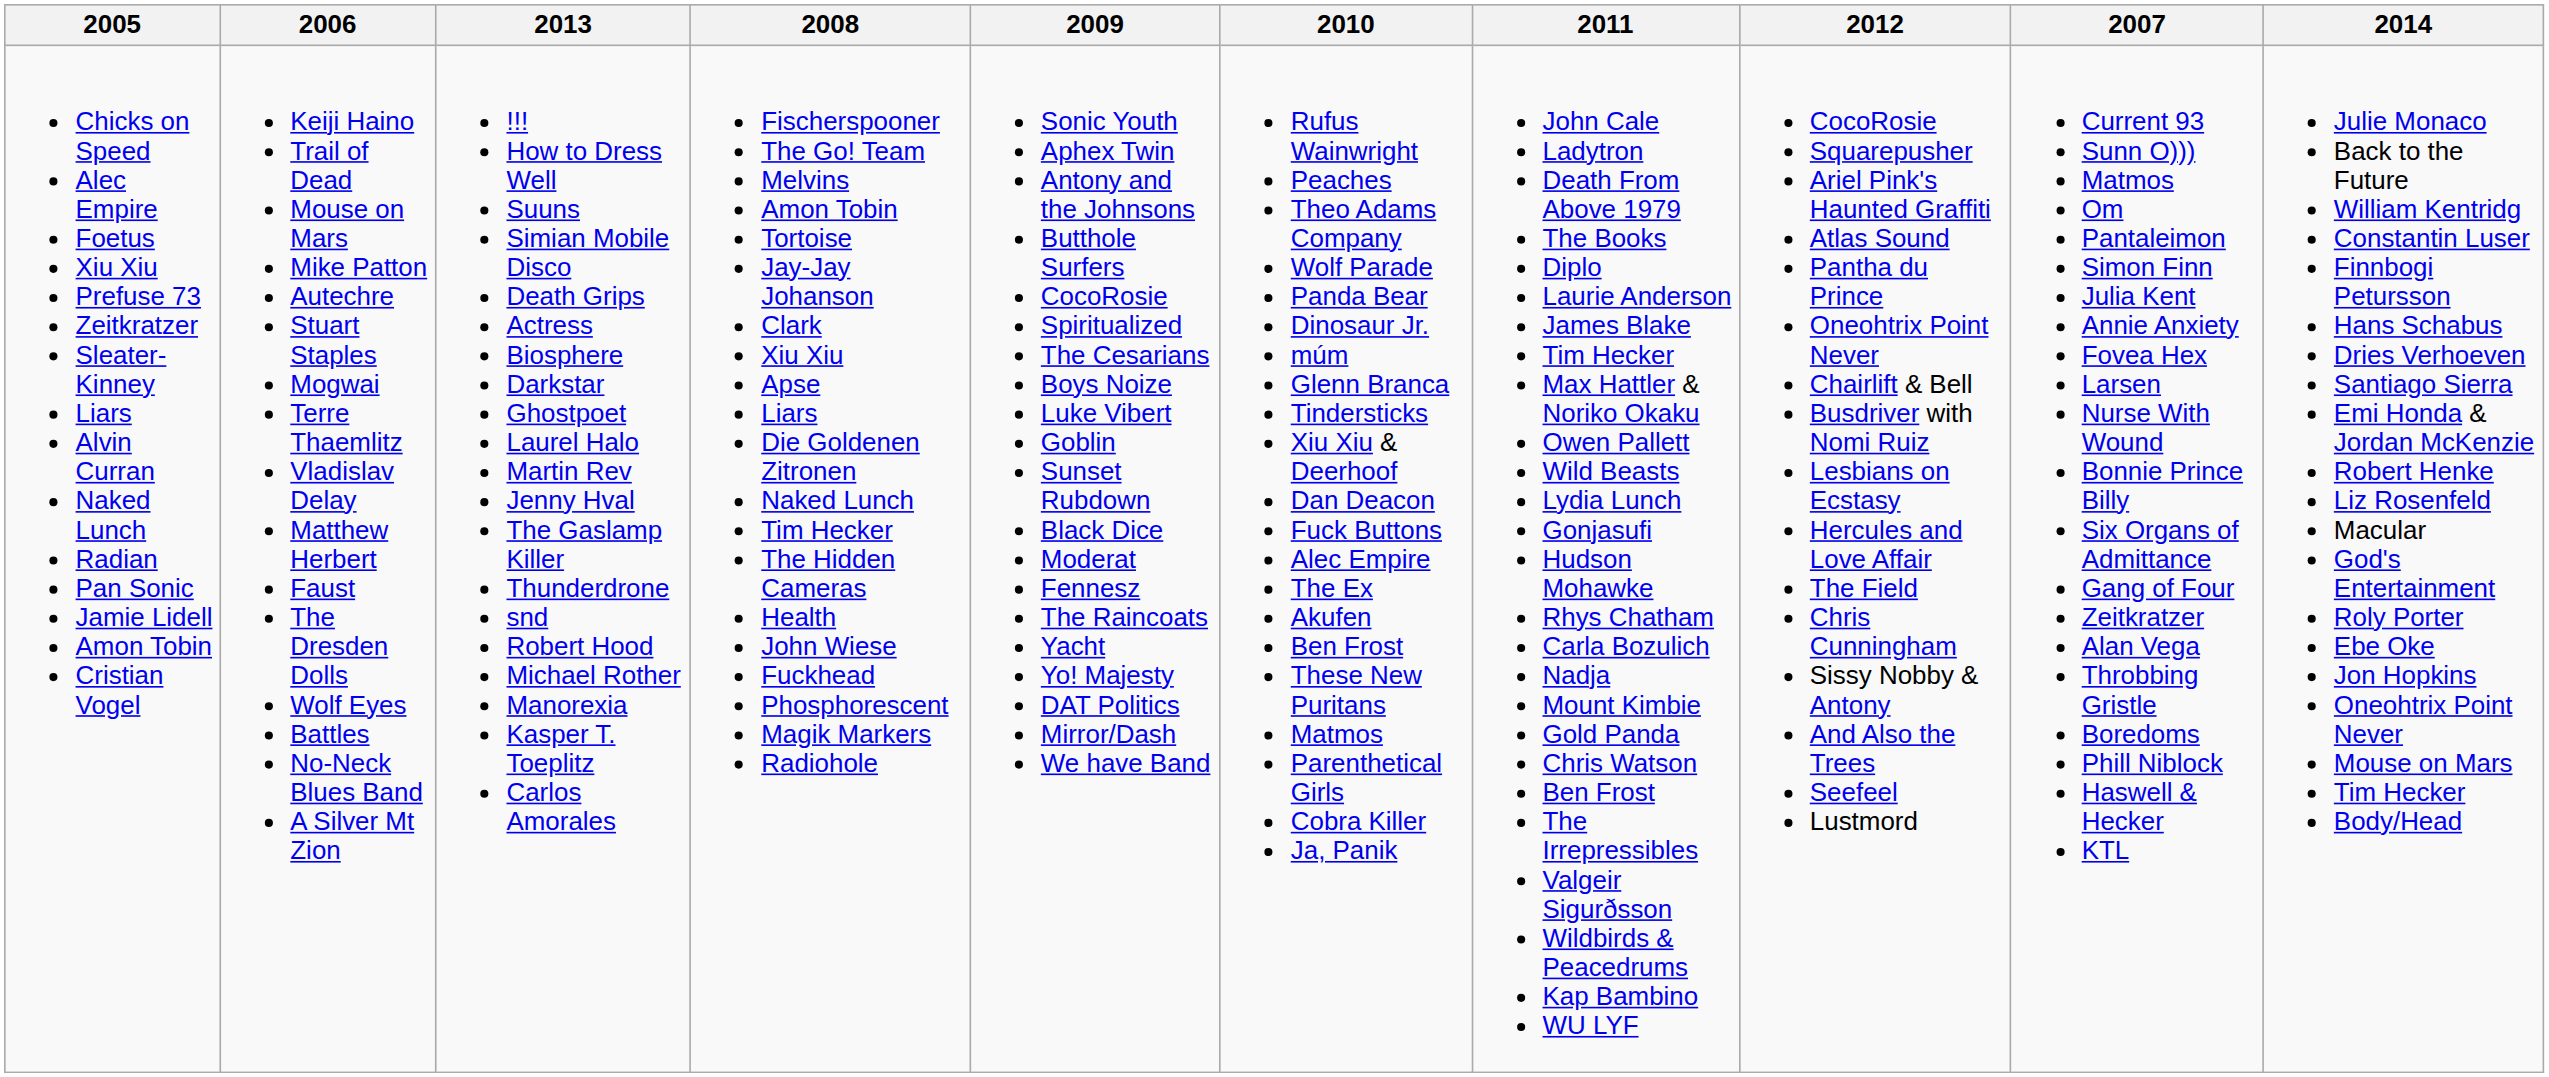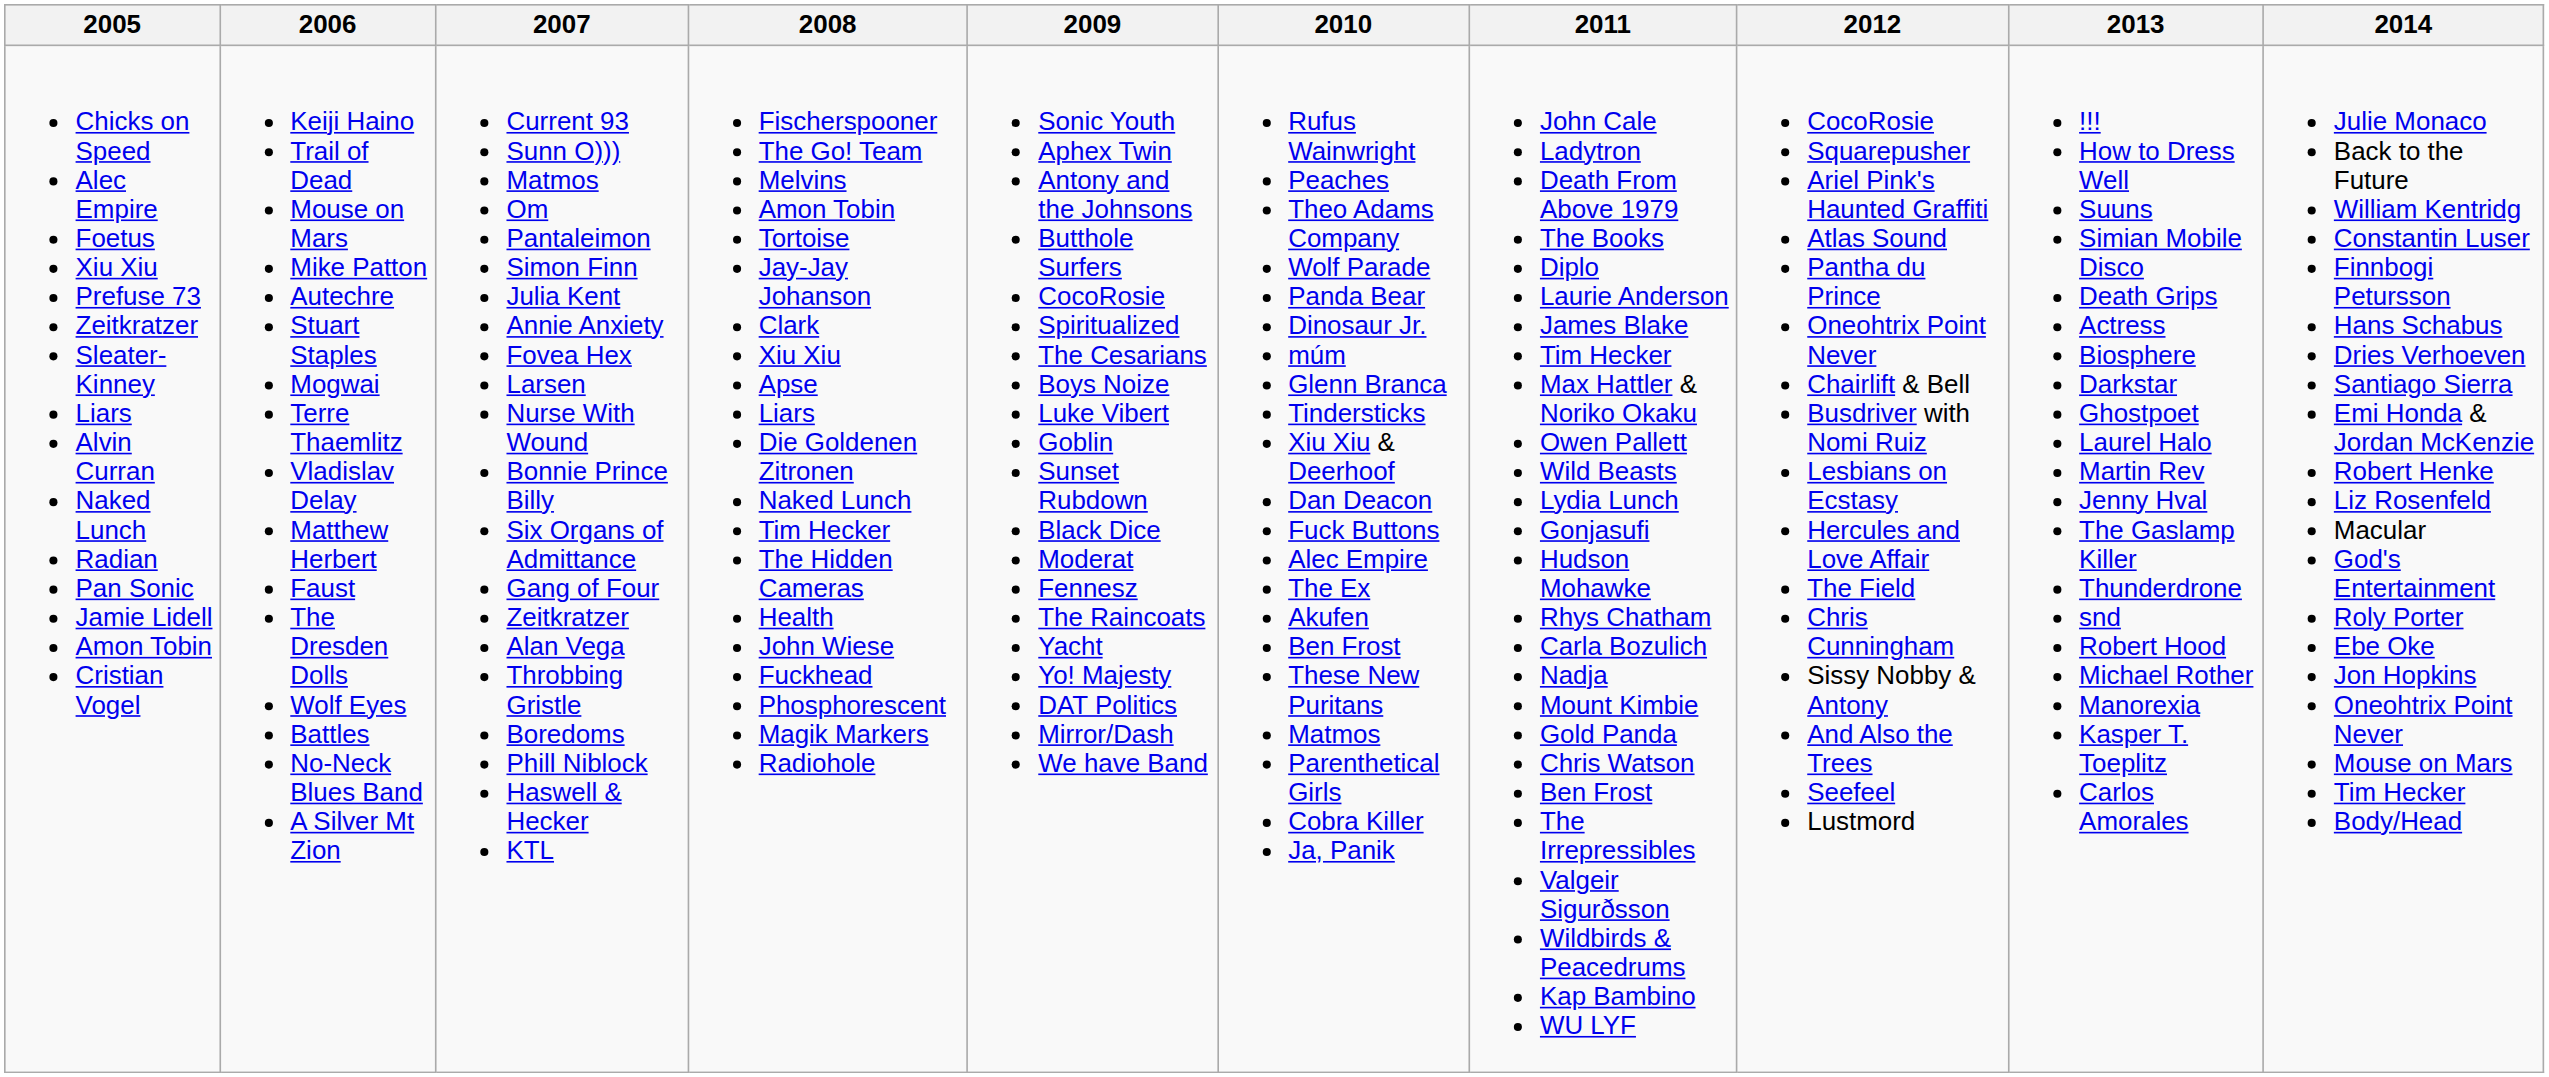 <table class="wikitable">
 <tr>
 <th>2005</th>
 <th>2006</th>
-<th>2013</th>
+<th>2007</th>
 <th>2008</th>
 <th>2009</th>
 <th>2010</th>
 <th>2011</th>
 <th>2012</th>
-<th>2007</th>
+<th>2013</th>
 <th>2014</th>
 </tr>
 <tr valign="top">
 <td><br><ul><li><a href='#'>Chicks on Speed</a></li><li><a href='#'>Alec Empire</a></li><li><a href='#'>Foetus</a></li><li><a href='#'>Xiu Xiu</a></li><li><a href='#'>Prefuse 73</a></li><li><a href='#'>Zeitkratzer</a></li><li><a href='#'>Sleater-Kinney</a></li><li><a href='#'>Liars</a></li><li><a href='#'>Alvin Curran</a></li><li><a href='#'>Naked Lunch</a></li><li><a href='#'>Radian</a></li><li><a href='#'>Pan Sonic</a></li><li><a href='#'>Jamie Lidell</a></li><li><a href='#'>Amon Tobin</a></li><li><a href='#'>Cristian Vogel</a></li></ul></td>
 <td><br><ul><li><a href='#'>Keiji Haino</a></li><li><a href='#'>Trail of Dead</a></li><li><a href='#'>Mouse on Mars</a></li><li><a href='#'>Mike Patton</a></li><li><a href='#'>Autechre</a></li><li><a href='#'>Stuart Staples</a></li><li><a href='#'>Mogwai</a></li><li><a href='#'>Terre Thaemlitz</a></li><li><a href='#'>Vladislav Delay</a></li><li><a href='#'>Matthew Herbert</a></li><li><a href='#'>Faust</a></li><li><a href='#'>The Dresden Dolls</a></li><li><a href='#'>Wolf Eyes</a></li><li><a href='#'>Battles</a></li><li><a href='#'>No-Neck Blues Band</a></li><li><a href='#'>A Silver Mt Zion</a></li></ul></td>
-<td><br><ul><li><a href='#'>!!!</a></li><li><a href='#'>How to Dress Well</a></li><li><a href='#'>Suuns</a></li><li><a href='#'>Simian Mobile Disco</a></li><li><a href='#'>Death Grips</a></li><li><a href='#'>Actress</a></li><li><a href='#'>Biosphere</a></li><li><a href='#'>Darkstar</a></li><li><a href='#'>Ghostpoet</a></li><li><a href='#'>Laurel Halo</a></li><li><a href='#'>Martin Rev</a></li><li><a href='#'>Jenny Hval</a></li><li><a href='#'>The Gaslamp Killer</a></li><li><a href='#'>Thunderdrone</a></li><li><a href='#'> snd</a></li><li><a href='#'>Robert Hood</a></li><li><a href='#'>Michael Rother</a></li><li><a href='#'>Manorexia</a></li><li><a href='#'>Kasper T. Toeplitz</a></li><li><a href='#'>Carlos Amorales</a></li></ul></td>
+<td><br><ul><li><a href='#'>Current 93</a></li><li><a href='#'>Sunn O)))</a></li><li><a href='#'>Matmos</a></li><li><a href='#'>Om</a></li><li><a href='#'>Pantaleimon</a></li><li><a href='#'>Simon Finn</a></li><li><a href='#'>Julia Kent</a></li><li><a href='#'>Annie Anxiety</a></li><li><a href='#'>Fovea Hex</a></li><li><a href='#'>Larsen</a></li><li><a href='#'>Nurse With Wound</a></li><li><a href='#'>Bonnie Prince Billy</a></li><li><a href='#'>Six Organs of Admittance</a></li><li><a href='#'>Gang of Four</a></li><li><a href='#'>Zeitkratzer</a></li><li><a href='#'>Alan Vega</a></li><li><a href='#'>Throbbing Gristle</a></li><li><a href='#'>Boredoms</a></li><li><a href='#'>Phill Niblock</a></li><li><a href='#'>Haswell & Hecker</a></li><li><a href='#'>KTL</a></li></ul></td>
 <td><br><ul><li><a href='#'>Fischerspooner</a></li><li><a href='#'>The Go! Team</a></li><li><a href='#'>Melvins</a></li><li><a href='#'>Amon Tobin</a></li><li><a href='#'>Tortoise</a></li><li><a href='#'>Jay-Jay Johanson</a></li><li><a href='#'>Clark</a></li><li><a href='#'>Xiu Xiu</a></li><li><a href='#'>Apse</a></li><li><a href='#'>Liars</a></li><li><a href='#'>Die Goldenen Zitronen</a></li><li><a href='#'>Naked Lunch</a></li><li><a href='#'>Tim Hecker</a></li><li><a href='#'>The Hidden Cameras</a></li><li><a href='#'>Health</a></li><li><a href='#'>John Wiese</a></li><li><a href='#'>Fuckhead</a></li><li><a href='#'>Phosphorescent</a></li><li><a href='#'>Magik Markers</a></li><li><a href='#'>Radiohole</a></li></ul></td>
 <td><br><ul><li><a href='#'>Sonic Youth</a></li><li><a href='#'>Aphex Twin</a></li><li><a href='#'>Antony and the Johnsons</a></li><li><a href='#'>Butthole Surfers</a></li><li><a href='#'>CocoRosie</a></li><li><a href='#'>Spiritualized</a></li><li><a href='#'>The Cesarians</a></li><li><a href='#'>Boys Noize</a></li><li><a href='#'>Luke Vibert</a></li><li><a href='#'>Goblin</a></li><li><a href='#'>Sunset Rubdown</a></li><li><a href='#'>Black Dice</a></li><li><a href='#'>Moderat</a></li><li><a href='#'>Fennesz</a></li><li><a href='#'>The Raincoats</a></li><li><a href='#'>Yacht</a></li><li><a href='#'>Yo! Majesty</a></li><li><a href='#'>DAT Politics</a></li><li><a href='#'>Mirror/Dash</a></li><li><a href='#'>We have Band</a></li></ul></td>
 <td><br><ul><li><a href='#'>Rufus Wainwright</a></li><li><a href='#'>Peaches</a></li><li><a href='#'>Theo Adams Company</a></li><li><a href='#'>Wolf Parade</a></li><li><a href='#'>Panda Bear</a></li><li><a href='#'>Dinosaur Jr.</a></li><li><a href='#'>múm</a></li><li><a href='#'>Glenn Branca</a></li><li><a href='#'>Tindersticks</a></li><li><a href='#'>Xiu Xiu</a> & <a href='#'>Deerhoof</a></li><li><a href='#'>Dan Deacon</a></li><li><a href='#'>Fuck Buttons</a></li><li><a href='#'>Alec Empire</a></li><li><a href='#'>The Ex</a></li><li><a href='#'>Akufen</a></li><li><a href='#'>Ben Frost</a></li><li><a href='#'>These New Puritans</a></li><li><a href='#'>Matmos</a></li><li><a href='#'>Parenthetical Girls</a></li><li><a href='#'>Cobra Killer</a></li><li><a href='#'>Ja, Panik</a></li></ul></td>
 <td><br><ul><li><a href='#'>John Cale</a></li><li><a href='#'>Ladytron</a></li><li><a href='#'>Death From Above 1979</a></li><li><a href='#'>The Books</a></li><li><a href='#'>Diplo</a></li><li><a href='#'>Laurie Anderson</a></li><li><a href='#'>James Blake</a></li><li><a href='#'>Tim Hecker</a></li><li><a href='#'>Max Hattler</a> & <a href='#'>Noriko Okaku</a></li><li><a href='#'>Owen Pallett</a></li><li><a href='#'>Wild Beasts</a></li><li><a href='#'>Lydia Lunch</a></li><li><a href='#'>Gonjasufi</a></li><li><a href='#'>Hudson Mohawke</a></li><li><a href='#'>Rhys Chatham</a></li><li><a href='#'>Carla Bozulich</a></li><li><a href='#'>Nadja</a></li><li><a href='#'>Mount Kimbie</a></li><li><a href='#'>Gold Panda</a></li><li><a href='#'>Chris Watson</a></li><li><a href='#'>Ben Frost</a></li><li><a href='#'>The Irrepressibles</a></li><li><a href='#'>Valgeir Sigurðsson</a></li><li><a href='#'>Wildbirds & Peacedrums</a></li><li><a href='#'>Kap Bambino</a></li><li><a href='#'>WU LYF</a></li></ul></td>
 <td><br><ul><li><a href='#'>CocoRosie</a></li><li><a href='#'>Squarepusher</a></li><li><a href='#'>Ariel Pink's Haunted Graffiti</a></li><li><a href='#'>Atlas Sound</a></li><li><a href='#'>Pantha du Prince</a></li><li><a href='#'>Oneohtrix Point Never</a></li><li><a href='#'>Chairlift</a> & Bell</li><li><a href='#'>Busdriver</a> with <a href='#'>Nomi Ruiz</a></li><li><a href='#'>Lesbians on Ecstasy</a></li><li><a href='#'>Hercules and Love Affair</a></li><li><a href='#'>The Field</a></li><li><a href='#'>Chris Cunningham</a></li><li>Sissy Nobby & <a href='#'>Antony</a></li><li><a href='#'>And Also the Trees</a></li><li><a href='#'>Seefeel</a></li><li>Lustmord</li></ul></td>
-<td><br><ul><li><a href='#'>Current 93</a></li><li><a href='#'>Sunn O)))</a></li><li><a href='#'>Matmos</a></li><li><a href='#'>Om</a></li><li><a href='#'>Pantaleimon</a></li><li><a href='#'>Simon Finn</a></li><li><a href='#'>Julia Kent</a></li><li><a href='#'>Annie Anxiety</a></li><li><a href='#'>Fovea Hex</a></li><li><a href='#'>Larsen</a></li><li><a href='#'>Nurse With Wound</a></li><li><a href='#'>Bonnie Prince Billy</a></li><li><a href='#'>Six Organs of Admittance</a></li><li><a href='#'>Gang of Four</a></li><li><a href='#'>Zeitkratzer</a></li><li><a href='#'>Alan Vega</a></li><li><a href='#'>Throbbing Gristle</a></li><li><a href='#'>Boredoms</a></li><li><a href='#'>Phill Niblock</a></li><li><a href='#'>Haswell & Hecker</a></li><li><a href='#'>KTL</a></li></ul></td>
+<td><br><ul><li><a href='#'>!!!</a></li><li><a href='#'>How to Dress Well</a></li><li><a href='#'>Suuns</a></li><li><a href='#'>Simian Mobile Disco</a></li><li><a href='#'>Death Grips</a></li><li><a href='#'>Actress</a></li><li><a href='#'>Biosphere</a></li><li><a href='#'>Darkstar</a></li><li><a href='#'>Ghostpoet</a></li><li><a href='#'>Laurel Halo</a></li><li><a href='#'>Martin Rev</a></li><li><a href='#'>Jenny Hval</a></li><li><a href='#'>The Gaslamp Killer</a></li><li><a href='#'>Thunderdrone</a></li><li><a href='#'> snd</a></li><li><a href='#'>Robert Hood</a></li><li><a href='#'>Michael Rother</a></li><li><a href='#'>Manorexia</a></li><li><a href='#'>Kasper T. Toeplitz</a></li><li><a href='#'>Carlos Amorales</a></li></ul></td>
 <td><br><ul><li><a href='#'>Julie Monaco</a></li><li>Back to the Future</li><li><a href='#'>William Kentridg</a></li><li><a href='#'>Constantin Luser</a></li><li><a href='#'>Finnbogi Petursson</a></li><li><a href='#'>Hans Schabus</a></li><li><a href='#'>Dries Verhoeven</a></li><li><a href='#'>Santiago Sierra</a></li><li><a href='#'>Emi Honda</a> & <a href='#'>Jordan McKenzie</a></li><li><a href='#'>Robert Henke</a></li><li><a href='#'>Liz Rosenfeld</a></li><li>Macular</li><li><a href='#'>God's Entertainment</a></li><li><a href='#'>Roly Porter</a></li><li><a href='#'>Ebe Oke</a></li><li><a href='#'>Jon Hopkins</a></li><li><a href='#'>Oneohtrix Point Never</a></li><li><a href='#'>Mouse on Mars</a></li><li><a href='#'>Tim Hecker</a></li><li><a href='#'>Body/Head</a></li></ul></td>
 </tr>
 </table>
